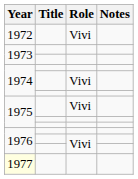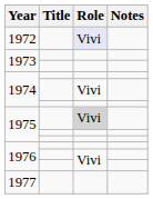 <table class="wikitable">
 <tr>
 <th>Year</th>
 <th>Title</th>
 <th>Role</th>
 <th>Notes</th>
 </tr>
 <tr>
 <td>1972</td>
 <td></td>
-<td>Vivi</td>
+<td style="background: lavender;">Vivi</td>
 <td></td>
 </tr>
 <tr>
 <td rowspan="2">1973</td>
 <td></td>
 <td></td>
 <td></td>
 </tr>
 <tr>
 <td></td>
 <td></td>
 <td></td>
 </tr>
 <tr>
 <td rowspan="3">1974</td>
 <td></td>
 <td></td>
 <td></td>
 </tr>
 <tr>
 <td></td>
 <td>Vivi</td>
 <td></td>
 </tr>
 <tr>
 <td></td>
 <td></td>
 <td></td>
 </tr>
 <tr>
 <td rowspan="3">1975</td>
 <td></td>
-<td>Vivi</td>
+<td style="background: lightgrey;">Vivi</td>
 <td></td>
 </tr>
 <tr>
 <td></td>
 <td></td>
 <td></td>
 </tr>
 <tr>
 <td></td>
 <td></td>
 <td></td>
 </tr>
 <tr>
 <td rowspan="3">1976</td>
 <td></td>
 <td></td>
 <td></td>
 </tr>
 <tr>
 <td></td>
 <td rowspan="2">Vivi</td>
 <td></td>
 </tr>
 <tr>
 <td></td>
 <td></td>
 </tr>
 <tr>
-<td style="background: lightyellow;">1977</td>
+<td>1977</td>
 <td></td>
 <td></td>
 <td></td>
 </tr>
 </table>
